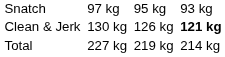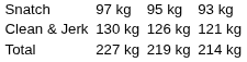 <table>
 <tr>
 <td>Snatch</td>
 <td></td>
 <td>97 kg</td>
 <td></td>
 <td>95 kg</td>
 <td></td>
 <td>93 kg</td>
 </tr>
 <tr>
 <td>Clean & Jerk</td>
 <td></td>
 <td>130 kg</td>
 <td></td>
 <td>126 kg</td>
 <td></td>
-<td><strong>121 kg</strong></td>
+<td>121 kg</td>
 </tr>
 <tr>
 <td>Total</td>
 <td></td>
 <td>227 kg</td>
 <td></td>
 <td>219 kg</td>
 <td></td>
 <td>214 kg</td>
 </tr>
 </table>
